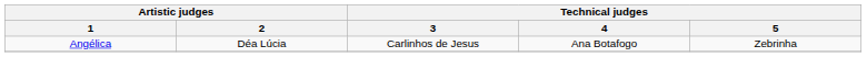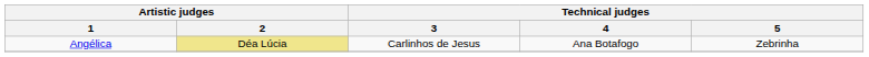 <table class="wikitable" style="font-size:100%; line-height:16px; text-align:center" width="100%">
 <tr>
 <th colspan=2>Artistic judges</th>
 <th colspan=3>Technical judges</th>
 </tr>
 <tr>
 <th width="20.0%">1</th>
 <th width="20.0%">2</th>
 <th width="20.0%">3</th>
 <th width="20.0%">4</th>
 <th width="20.0%">5</th>
 </tr>
 <tr>
 <td><a href='#'>Angélica</a></td>
-<td>Déa Lúcia</td>
+<td style="background: khaki;">Déa Lúcia</td>
 <td>Carlinhos de Jesus</td>
 <td>Ana Botafogo</td>
 <td>Zebrinha</td>
 </tr>
 <tr>
 </tr>
 </table>
